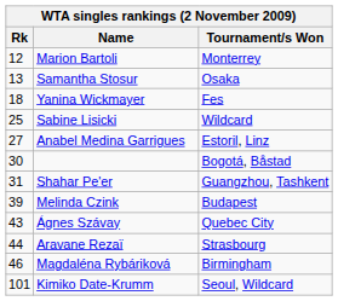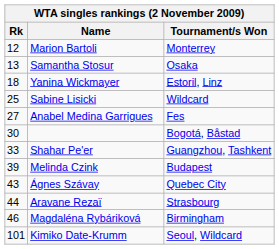 <table class="wikitable"; align="right" style="font-size:90%; text:justify">
 <tr>
 <th colspan="5">WTA singles rankings (2 November 2009)</th>
 </tr>
 <tr>
 <th>Rk</th>
 <th width="175">Name</th>
 <th>Tournament/s Won</th>
 </tr>
 <tr bgcolor=>
 <td>12</td>
 <td> <a href='#'>Marion Bartoli</a></td>
 <td><a href='#'>Monterrey</a></td>
 </tr>
 <tr bgcolor=>
 <td>13</td>
 <td> <a href='#'>Samantha Stosur</a></td>
 <td><a href='#'>Osaka</a></td>
 </tr>
 <tr bgcolor=>
 <td>18</td>
 <td> <a href='#'>Yanina Wickmayer</a></td>
-<td><a href='#'>Fes</a></td>
+<td><a href='#'>Estoril</a>, <a href='#'>Linz</a></td>
 </tr>
 <tr bgcolor=>
 <td>25</td>
 <td> <a href='#'>Sabine Lisicki</a></td>
 <td><a href='#'>Wildcard</a></td>
 </tr>
 <tr bgcolor=>
 <td>27</td>
 <td> <a href='#'>Anabel Medina Garrigues</a></td>
-<td><a href='#'>Estoril</a>, <a href='#'>Linz</a></td>
+<td><a href='#'>Fes</a></td>
 </tr>
 <tr bgcolor=>
 <td>30</td>
 <td></td>
 <td><a href='#'>Bogotá</a>, <a href='#'>Båstad</a></td>
 </tr>
 <tr bgcolor=>
-<td>31</td>
+<td>33</td>
 <td> <a href='#'>Shahar Pe'er</a></td>
 <td><a href='#'>Guangzhou</a>, <a href='#'>Tashkent</a></td>
 </tr>
 <tr bgcolor=>
 <td>39</td>
 <td> <a href='#'>Melinda Czink</a></td>
 <td><a href='#'>Budapest</a></td>
 </tr>
 <tr bgcolor=>
 <td>43</td>
 <td> <a href='#'>Ágnes Szávay</a></td>
 <td><a href='#'>Quebec City</a></td>
 </tr>
 <tr bgcolor=>
 <td>44</td>
 <td> <a href='#'>Aravane Rezaï</a></td>
 <td><a href='#'>Strasbourg</a></td>
 </tr>
 <tr bgcolor=>
 <td>46</td>
 <td> <a href='#'>Magdaléna Rybáriková</a></td>
 <td><a href='#'>Birmingham</a></td>
 </tr>
 <tr bgcolor=>
 <td>101</td>
 <td> <a href='#'>Kimiko Date-Krumm</a></td>
 <td><a href='#'>Seoul</a>, <a href='#'>Wildcard</a></td>
 </tr>
 </table>
